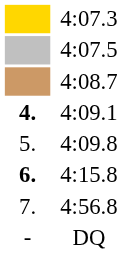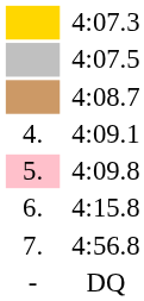 <table style="text-align:center">
 <tr>
 <td width=30 style="background:gold;"></td>
 <td align=left></td>
 <td>4:07.3</td>
 </tr>
 <tr>
 <td style="background:silver;"></td>
 <td align=left></td>
 <td>4:07.5</td>
 </tr>
 <tr>
 <td style="background:#cc9966;"></td>
 <td align=left></td>
 <td>4:08.7</td>
 </tr>
 <tr>
-<td><strong>4.</strong></td>
+<td>4.</td>
 <td align=left></td>
 <td>4:09.1</td>
 </tr>
 <tr>
-<td>5.</td>
+<td style="background: pink;">5.</td>
 <td align=left></td>
 <td>4:09.8</td>
 </tr>
 <tr>
-<td><strong>6.</strong></td>
+<td>6.</td>
 <td align=left></td>
 <td>4:15.8</td>
 </tr>
 <tr>
 <td>7.</td>
 <td align=left></td>
 <td>4:56.8</td>
 </tr>
 <tr>
 <td>-</td>
 <td align=left></td>
 <td>DQ</td>
 </tr>
 </table>
